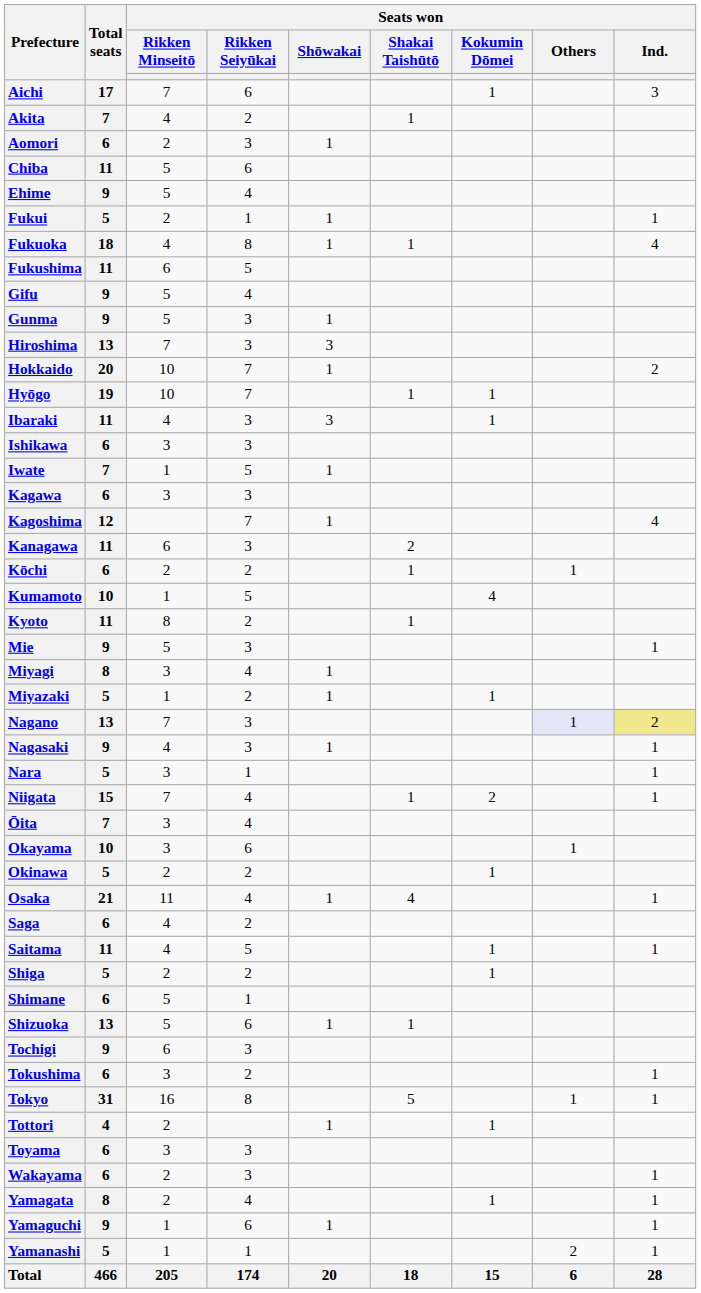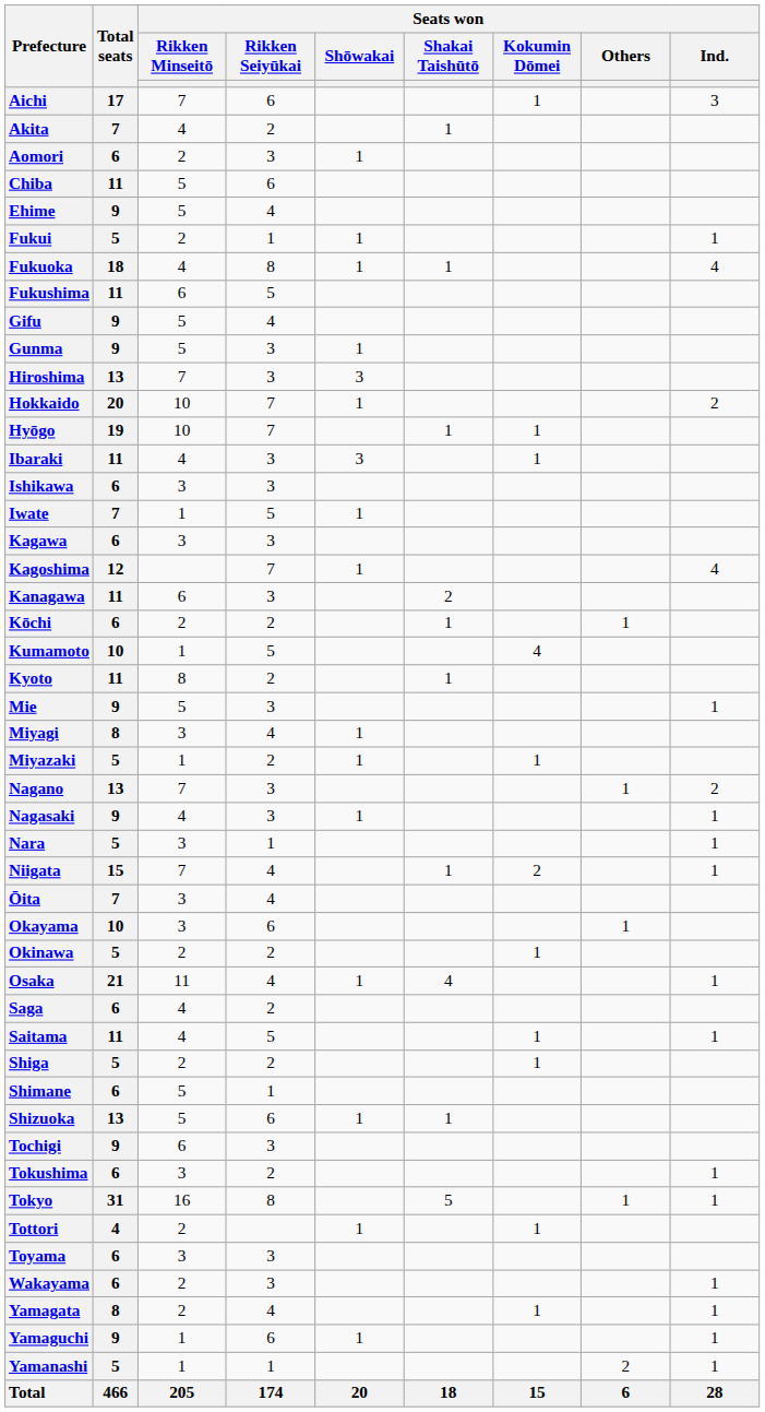 <table class="wikitable" style="text-align:center; font-size: 0.9em;">
 <tr>
 <th rowspan="3">Prefecture</th>
 <th rowspan="3">Total<br>seats</th>
 <th colspan="7">Seats won</th>
 </tr>
 <tr>
 <th class="unsortable" style="width:70px;"><a href='#'>Rikken Minseitō</a></th>
 <th class="unsortable" style="width:70px;"><a href='#'>Rikken Seiyūkai</a></th>
 <th class="unsortable" style="width:70px;"><a href='#'>Shōwakai</a></th>
 <th class="unsortable" style="width:70px;"><a href='#'>Shakai Taishūtō</a></th>
 <th class="unsortable" style="width:70px;"><a href='#'>Kokumin Dōmei</a></th>
 <th class="unsortable" style="width:70px;">Others</th>
 <th class="unsortable" style="width:70px;">Ind.</th>
 </tr>
 <tr>
 <th style="background:"></th>
 <th style="background:"></th>
 <th style="background:"></th>
 <th style="background:"></th>
 <th style="background:"></th>
 <th></th>
 <th style="background:"></th>
 </tr>
 <tr>
 <th style="text-align: left;"><a href='#'>Aichi</a></th>
 <th>17</th>
 <td>7</td>
 <td>6</td>
 <td></td>
 <td></td>
 <td>1</td>
 <td></td>
 <td>3</td>
 </tr>
 <tr>
 <th style="text-align: left;"><a href='#'>Akita</a></th>
 <th>7</th>
 <td>4</td>
 <td>2</td>
 <td></td>
 <td>1</td>
 <td></td>
 <td></td>
 <td></td>
 </tr>
 <tr>
 <th style="text-align: left;"><a href='#'>Aomori</a></th>
 <th>6</th>
 <td>2</td>
 <td>3</td>
 <td>1</td>
 <td></td>
 <td></td>
 <td></td>
 <td></td>
 </tr>
 <tr>
 <th style="text-align: left;"><a href='#'>Chiba</a></th>
 <th>11</th>
 <td>5</td>
 <td>6</td>
 <td></td>
 <td></td>
 <td></td>
 <td></td>
 <td></td>
 </tr>
 <tr>
 <th style="text-align: left;"><a href='#'>Ehime</a></th>
 <th>9</th>
 <td>5</td>
 <td>4</td>
 <td></td>
 <td></td>
 <td></td>
 <td></td>
 <td></td>
 </tr>
 <tr>
 <th style="text-align: left;"><a href='#'>Fukui</a></th>
 <th>5</th>
 <td>2</td>
 <td>1</td>
 <td>1</td>
 <td></td>
 <td></td>
 <td></td>
 <td>1</td>
 </tr>
 <tr>
 <th style="text-align: left;"><a href='#'>Fukuoka</a></th>
 <th>18</th>
 <td>4</td>
 <td>8</td>
 <td>1</td>
 <td>1</td>
 <td></td>
 <td></td>
 <td>4</td>
 </tr>
 <tr>
 <th style="text-align: left;"><a href='#'>Fukushima</a></th>
 <th>11</th>
 <td>6</td>
 <td>5</td>
 <td></td>
 <td></td>
 <td></td>
 <td></td>
 <td></td>
 </tr>
 <tr>
 <th style="text-align: left;"><a href='#'>Gifu</a></th>
 <th>9</th>
 <td>5</td>
 <td>4</td>
 <td></td>
 <td></td>
 <td></td>
 <td></td>
 <td></td>
 </tr>
 <tr>
 <th style="text-align: left;"><a href='#'>Gunma</a></th>
 <th>9</th>
 <td>5</td>
 <td>3</td>
 <td>1</td>
 <td></td>
 <td></td>
 <td></td>
 <td></td>
 </tr>
 <tr>
 <th style="text-align: left;"><a href='#'>Hiroshima</a></th>
 <th>13</th>
 <td>7</td>
 <td>3</td>
 <td>3</td>
 <td></td>
 <td></td>
 <td></td>
 <td></td>
 </tr>
 <tr>
 <th style="text-align: left;"><a href='#'>Hokkaido</a></th>
 <th>20</th>
 <td>10</td>
 <td>7</td>
 <td>1</td>
 <td></td>
 <td></td>
 <td></td>
 <td>2</td>
 </tr>
 <tr>
 <th style="text-align: left;"><a href='#'>Hyōgo</a></th>
 <th>19</th>
 <td>10</td>
 <td>7</td>
 <td></td>
 <td>1</td>
 <td>1</td>
 <td></td>
 <td></td>
 </tr>
 <tr>
 <th style="text-align: left;"><a href='#'>Ibaraki</a></th>
 <th>11</th>
 <td>4</td>
 <td>3</td>
 <td>3</td>
 <td></td>
 <td>1</td>
 <td></td>
 <td></td>
 </tr>
 <tr>
 <th style="text-align: left;"><a href='#'>Ishikawa</a></th>
 <th>6</th>
 <td>3</td>
 <td>3</td>
 <td></td>
 <td></td>
 <td></td>
 <td></td>
 <td></td>
 </tr>
 <tr>
 <th style="text-align: left;"><a href='#'>Iwate</a></th>
 <th>7</th>
 <td>1</td>
 <td>5</td>
 <td>1</td>
 <td></td>
 <td></td>
 <td></td>
 <td></td>
 </tr>
 <tr>
 <th style="text-align: left;"><a href='#'>Kagawa</a></th>
 <th>6</th>
 <td>3</td>
 <td>3</td>
 <td></td>
 <td></td>
 <td></td>
 <td></td>
 <td></td>
 </tr>
 <tr>
 <th style="text-align: left;"><a href='#'>Kagoshima</a></th>
 <th>12</th>
 <td></td>
 <td>7</td>
 <td>1</td>
 <td></td>
 <td></td>
 <td></td>
 <td>4</td>
 </tr>
 <tr>
 <th style="text-align: left;"><a href='#'>Kanagawa</a></th>
 <th>11</th>
 <td>6</td>
 <td>3</td>
 <td></td>
 <td>2</td>
 <td></td>
 <td></td>
 <td></td>
 </tr>
 <tr>
 <th style="text-align: left;"><a href='#'>Kōchi</a></th>
 <th>6</th>
 <td>2</td>
 <td>2</td>
 <td></td>
 <td>1</td>
 <td></td>
 <td>1</td>
 <td></td>
 </tr>
 <tr>
 <th style="text-align: left;"><a href='#'>Kumamoto</a></th>
 <th>10</th>
 <td>1</td>
 <td>5</td>
 <td></td>
 <td></td>
 <td>4</td>
 <td></td>
 <td></td>
 </tr>
 <tr>
 <th style="text-align: left;"><a href='#'>Kyoto</a></th>
 <th>11</th>
 <td>8</td>
 <td>2</td>
 <td></td>
 <td>1</td>
 <td></td>
 <td></td>
 <td></td>
 </tr>
 <tr>
 <th style="text-align: left;"><a href='#'>Mie</a></th>
 <th>9</th>
 <td>5</td>
 <td>3</td>
 <td></td>
 <td></td>
 <td></td>
 <td></td>
 <td>1</td>
 </tr>
 <tr>
 <th style="text-align: left;"><a href='#'>Miyagi</a></th>
 <th>8</th>
 <td>3</td>
 <td>4</td>
 <td>1</td>
 <td></td>
 <td></td>
 <td></td>
 <td></td>
 </tr>
 <tr>
 <th style="text-align: left;"><a href='#'>Miyazaki</a></th>
 <th>5</th>
 <td>1</td>
 <td>2</td>
 <td>1</td>
 <td></td>
 <td>1</td>
 <td></td>
 <td></td>
 </tr>
 <tr>
 <th style="text-align: left;"><a href='#'>Nagano</a></th>
 <th>13</th>
 <td>7</td>
 <td>3</td>
 <td></td>
 <td></td>
 <td></td>
-<td style="background: lavender;">1</td>
-<td style="background: khaki;">2</td>
+<td>1</td>
+<td>2</td>
 </tr>
 <tr>
 <th style="text-align: left;"><a href='#'>Nagasaki</a></th>
 <th>9</th>
 <td>4</td>
 <td>3</td>
 <td>1</td>
 <td></td>
 <td></td>
 <td></td>
 <td>1</td>
 </tr>
 <tr>
 <th style="text-align: left;"><a href='#'>Nara</a></th>
 <th>5</th>
 <td>3</td>
 <td>1</td>
 <td></td>
 <td></td>
 <td></td>
 <td></td>
 <td>1</td>
 </tr>
 <tr>
 <th style="text-align: left;"><a href='#'>Niigata</a></th>
 <th>15</th>
 <td>7</td>
 <td>4</td>
 <td></td>
 <td>1</td>
 <td>2</td>
 <td></td>
 <td>1</td>
 </tr>
 <tr>
 <th style="text-align: left;"><a href='#'>Ōita</a></th>
 <th>7</th>
 <td>3</td>
 <td>4</td>
 <td></td>
 <td></td>
 <td></td>
 <td></td>
 <td></td>
 </tr>
 <tr>
 <th style="text-align: left;"><a href='#'>Okayama</a></th>
 <th>10</th>
 <td>3</td>
 <td>6</td>
 <td></td>
 <td></td>
 <td></td>
 <td>1</td>
 <td></td>
 </tr>
 <tr>
 <th style="text-align: left;"><a href='#'>Okinawa</a></th>
 <th>5</th>
 <td>2</td>
 <td>2</td>
 <td></td>
 <td></td>
 <td>1</td>
 <td></td>
 <td></td>
 </tr>
 <tr>
 <th style="text-align: left;"><a href='#'>Osaka</a></th>
 <th>21</th>
 <td>11</td>
 <td>4</td>
 <td>1</td>
 <td>4</td>
 <td></td>
 <td></td>
 <td>1</td>
 </tr>
 <tr>
 <th style="text-align: left;"><a href='#'>Saga</a></th>
 <th>6</th>
 <td>4</td>
 <td>2</td>
 <td></td>
 <td></td>
 <td></td>
 <td></td>
 <td></td>
 </tr>
 <tr>
 <th style="text-align: left;"><a href='#'>Saitama</a></th>
 <th>11</th>
 <td>4</td>
 <td>5</td>
 <td></td>
 <td></td>
 <td>1</td>
 <td></td>
 <td>1</td>
 </tr>
 <tr>
 <th style="text-align: left;"><a href='#'>Shiga</a></th>
 <th>5</th>
 <td>2</td>
 <td>2</td>
 <td></td>
 <td></td>
 <td>1</td>
 <td></td>
 <td></td>
 </tr>
 <tr>
 <th style="text-align: left;"><a href='#'>Shimane</a></th>
 <th>6</th>
 <td>5</td>
 <td>1</td>
 <td></td>
 <td></td>
 <td></td>
 <td></td>
 <td></td>
 </tr>
 <tr>
 <th style="text-align: left;"><a href='#'>Shizuoka</a></th>
 <th>13</th>
 <td>5</td>
 <td>6</td>
 <td>1</td>
 <td>1</td>
 <td></td>
 <td></td>
 <td></td>
 </tr>
 <tr>
 <th style="text-align: left;"><a href='#'>Tochigi</a></th>
 <th>9</th>
 <td>6</td>
 <td>3</td>
 <td></td>
 <td></td>
 <td></td>
 <td></td>
 <td></td>
 </tr>
 <tr>
 <th style="text-align: left;"><a href='#'>Tokushima</a></th>
 <th>6</th>
 <td>3</td>
 <td>2</td>
 <td></td>
 <td></td>
 <td></td>
 <td></td>
 <td>1</td>
 </tr>
 <tr>
 <th style="text-align: left;"><a href='#'>Tokyo</a></th>
 <th>31</th>
 <td>16</td>
 <td>8</td>
 <td></td>
 <td>5</td>
 <td></td>
 <td>1</td>
 <td>1</td>
 </tr>
 <tr>
 <th style="text-align: left;"><a href='#'>Tottori</a></th>
 <th>4</th>
 <td>2</td>
 <td></td>
 <td>1</td>
 <td></td>
 <td>1</td>
 <td></td>
 <td></td>
 </tr>
 <tr>
 <th style="text-align: left;"><a href='#'>Toyama</a></th>
 <th>6</th>
 <td>3</td>
 <td>3</td>
 <td></td>
 <td></td>
 <td></td>
 <td></td>
 <td></td>
 </tr>
 <tr>
 <th style="text-align: left;"><a href='#'>Wakayama</a></th>
 <th>6</th>
 <td>2</td>
 <td>3</td>
 <td></td>
 <td></td>
 <td></td>
 <td></td>
 <td>1</td>
 </tr>
 <tr>
 <th style="text-align: left;"><a href='#'>Yamagata</a></th>
 <th>8</th>
 <td>2</td>
 <td>4</td>
 <td></td>
 <td></td>
 <td>1</td>
 <td></td>
 <td>1</td>
 </tr>
 <tr>
 <th style="text-align: left;"><a href='#'>Yamaguchi</a></th>
 <th>9</th>
 <td>1</td>
 <td>6</td>
 <td>1</td>
 <td></td>
 <td></td>
 <td></td>
 <td>1</td>
 </tr>
 <tr>
 <th style="text-align: left;"><a href='#'>Yamanashi</a></th>
 <th>5</th>
 <td>1</td>
 <td>1</td>
 <td></td>
 <td></td>
 <td></td>
 <td>2</td>
 <td>1</td>
 </tr>
 <tr class="sortbottom">
 <th style="text-align: left;">Total</th>
 <th>466</th>
 <th>205</th>
 <th>174</th>
 <th>20</th>
 <th>18</th>
 <th>15</th>
 <th>6</th>
 <th>28</th>
 </tr>
 </table>
